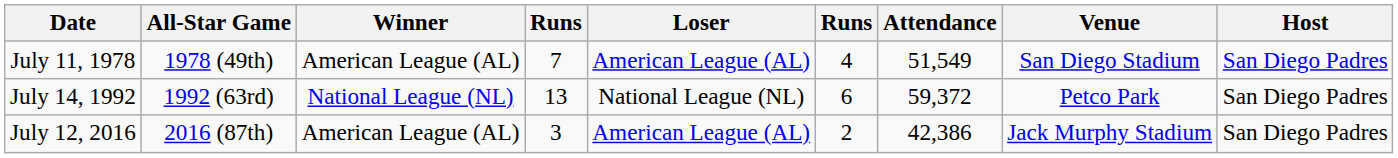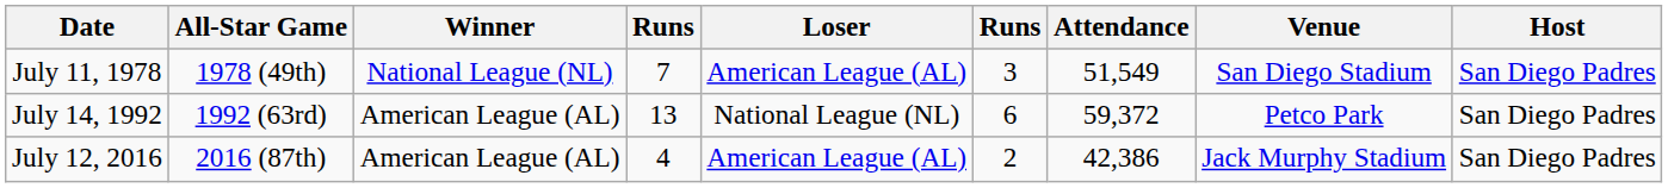 <table class="wikitable" style="text-align:center">
 <tr style="background-color:#efefef;">
 <th data-sort-type="number">Date</th>
 <th style="text-align:center;">All-Star Game</th>
 <th style="text-align:center;">Winner</th>
 <th style="text-align:center;">Runs</th>
 <th style="text-align:center;">Loser</th>
 <th style="text-align:center;">Runs</th>
 <th style="text-align:center;">Attendance</th>
 <th style="text-align:center;">Venue</th>
 <th style="text-align:center;">Host</th>
 </tr>
 <tr>
 <td>July 11, 1978</td>
 <td><a href='#'>1978</a> (49th)</td>
-<td>American League (AL)</td>
+<td><a href='#'>National League (NL)</a></td>
 <td>7</td>
 <td><a href='#'>American League (AL)</a></td>
-<td>4</td>
+<td>3</td>
 <td>51,549</td>
 <td><a href='#'>San Diego Stadium</a></td>
 <td><a href='#'>San Diego Padres</a></td>
 </tr>
 <tr>
 <td>July 14, 1992</td>
 <td><a href='#'>1992</a> (63rd)</td>
-<td><a href='#'>National League (NL)</a></td>
+<td>American League (AL)</td>
 <td>13</td>
 <td>National League (NL)</td>
 <td>6</td>
 <td>59,372</td>
 <td><a href='#'>Petco Park</a></td>
 <td>San Diego Padres</td>
 </tr>
 <tr>
 <td>July 12, 2016</td>
 <td><a href='#'>2016</a> (87th)</td>
 <td>American League (AL)</td>
-<td>3</td>
+<td>4</td>
 <td><a href='#'>American League (AL)</a></td>
 <td>2</td>
 <td>42,386</td>
 <td><a href='#'>Jack Murphy Stadium</a></td>
 <td>San Diego Padres</td>
 </tr>
 </table>
